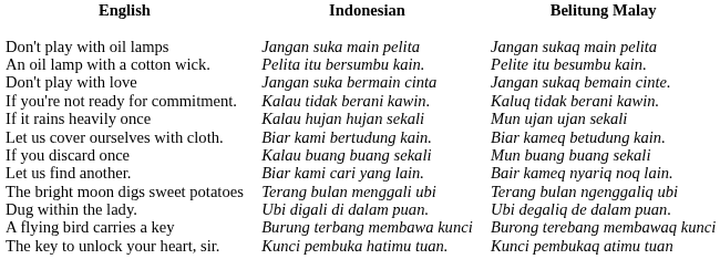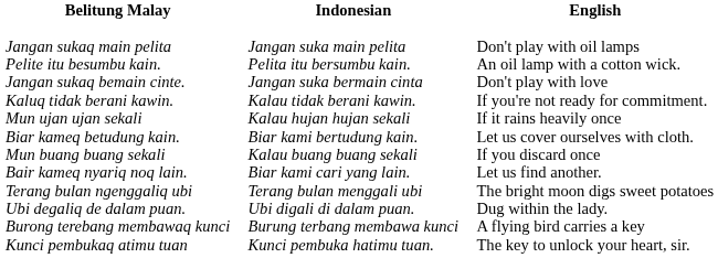 <table cellpadding="8">
 <tr>
+<th>Belitung Malay</th>
+<th>Indonesian</th>
 <th>English</th>
-<th>Indonesian</th>
-<th>Belitung Malay</th>
 </tr>
 <tr style="vertical-align:top; white-space:nowrap;">
+<td><em>Jangan sukaq main pelita</em><br><em>Pelite itu besumbu kain.</em><br><em>Jangan sukaq bemain cinte.</em><br><em>Kaluq tidak berani kawin.</em><br><em>Mun ujan ujan sekali</em><br><em>Biar kameq betudung kain.</em><br><em>Mun buang buang sekali</em><br><em>Bair kameq nyariq noq lain.</em><br><em>Terang bulan ngenggaliq ubi</em><br><em>Ubi degaliq de dalam puan.</em><br><em>Burong terebang membawaq kunci</em><br><em>Kunci pembukaq atimu tuan</em></td>
+<td><em>Jangan suka main pelita</em><br><em>Pelita itu bersumbu kain.</em><br><em>Jangan suka bermain cinta</em><br><em>Kalau tidak berani kawin.</em><br><em>Kalau hujan hujan sekali</em><br><em>Biar kami bertudung kain.</em><br><em>Kalau buang buang sekali</em><br><em>Biar kami cari yang lain.</em><br><em>Terang bulan menggali ubi</em><br><em>Ubi digali di dalam puan.</em><br><em>Burung terbang membawa kunci</em><br><em>Kunci pembuka hatimu tuan.</em></td>
 <td>Don't play with oil lamps<br>An oil lamp with a cotton wick.<br>Don't play with love<br>If you're not ready for commitment.<br>If it rains heavily once<br>Let us cover ourselves with cloth.<br>If you discard once<br>Let us find another.<br>The bright moon digs sweet potatoes<br>Dug within the lady.<br>A flying bird carries a key<br>The key to unlock your heart, sir.</td>
-<td><em>Jangan suka main pelita</em><br><em>Pelita itu bersumbu kain.</em><br><em>Jangan suka bermain cinta</em><br><em>Kalau tidak berani kawin.</em><br><em>Kalau hujan hujan sekali</em><br><em>Biar kami bertudung kain.</em><br><em>Kalau buang buang sekali</em><br><em>Biar kami cari yang lain.</em><br><em>Terang bulan menggali ubi</em><br><em>Ubi digali di dalam puan.</em><br><em>Burung terbang membawa kunci</em><br><em>Kunci pembuka hatimu tuan.</em></td>
-<td><em>Jangan sukaq main pelita</em><br><em>Pelite itu besumbu kain.</em><br><em>Jangan sukaq bemain cinte.</em><br><em>Kaluq tidak berani kawin.</em><br><em>Mun ujan ujan sekali</em><br><em>Biar kameq betudung kain.</em><br><em>Mun buang buang sekali</em><br><em>Bair kameq nyariq noq lain.</em><br><em>Terang bulan ngenggaliq ubi</em><br><em>Ubi degaliq de dalam puan.</em><br><em>Burong terebang membawaq kunci</em><br><em>Kunci pembukaq atimu tuan</em></td>
 </tr>
 </table>
